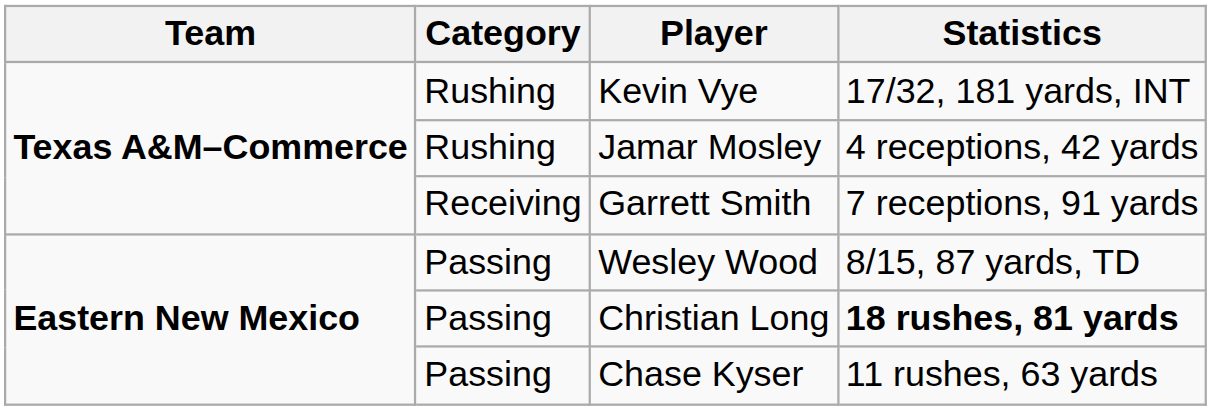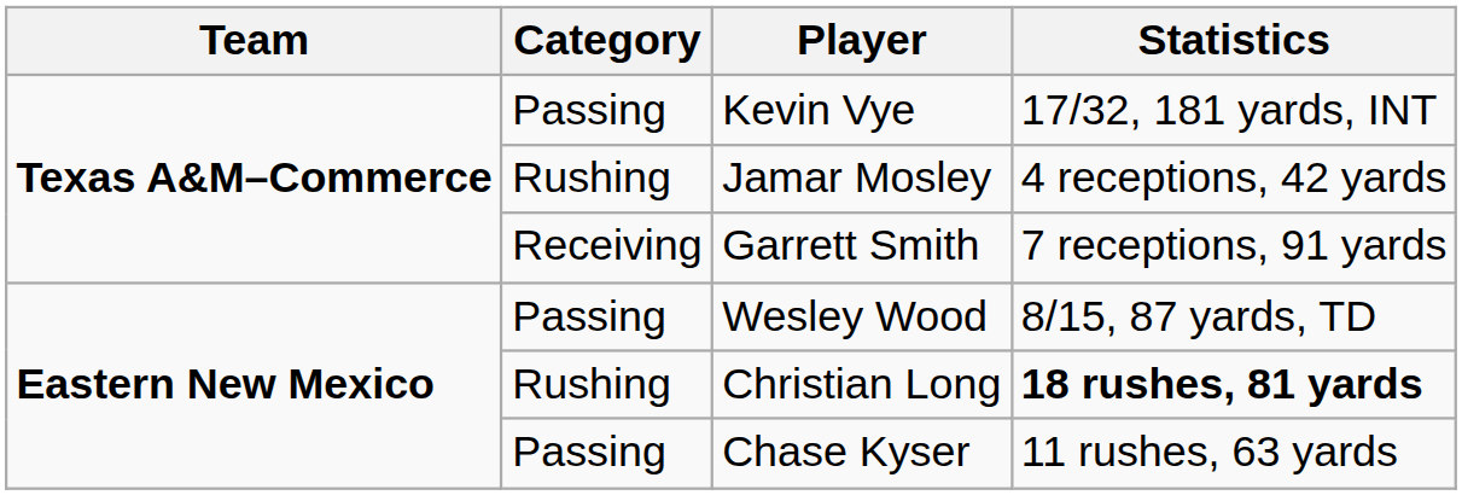 <table class="wikitable" style="float: left;">
 <tr>
 <th>Team</th>
 <th>Category</th>
 <th>Player</th>
 <th>Statistics</th>
 </tr>
 <tr>
 <td rowspan=3><strong>Texas A&M–Commerce</strong></td>
-<td>Rushing</td>
+<td>Passing</td>
 <td>Kevin Vye</td>
 <td>17/32, 181 yards, INT</td>
 </tr>
 <tr>
 <td>Rushing</td>
 <td>Jamar Mosley</td>
 <td>4 receptions, 42 yards</td>
 </tr>
 <tr>
 <td>Receiving</td>
 <td>Garrett Smith</td>
 <td>7 receptions, 91 yards</td>
 </tr>
 <tr>
 <td rowspan=3><strong>Eastern New Mexico</strong></td>
 <td>Passing</td>
 <td>Wesley Wood</td>
 <td>8/15, 87 yards, TD</td>
 </tr>
 <tr>
-<td>Passing</td>
+<td>Rushing</td>
 <td>Christian Long</td>
 <td><strong>18 rushes, 81 yards</strong></td>
 </tr>
 <tr>
 <td>Passing</td>
 <td>Chase Kyser</td>
 <td>11 rushes, 63 yards</td>
 </tr>
 </table>
